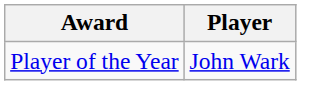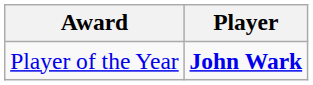 <table class="wikitable" style="text-align:center">
 <tr>
 <th width=0%>Award</th>
 <th width=0%>Player</th>
 </tr>
 <tr>
 <td><a href='#'>Player of the Year</a></td>
-<td> <a href='#'>John Wark</a></td>
+<td><strong> <a href='#'>John Wark</a></strong></td>
 </tr>
 </table>
